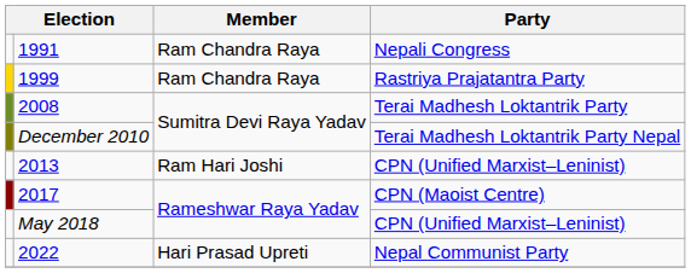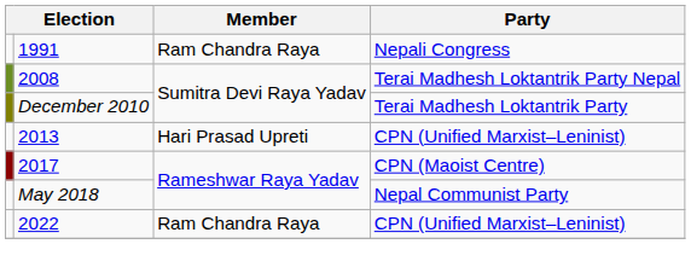 <table class="wikitable">
 <tr>
 <th colspan="2">Election</th>
 <th>Member</th>
 <th>Party</th>
 </tr>
 <tr>
 <td style="background-color:"></td>
 <td><a href='#'>1991</a></td>
 <td>Ram Chandra Raya</td>
 <td><a href='#'>Nepali Congress</a></td>
 </tr>
 <tr>
-<td style="background-color:gold"></td>
-<td><a href='#'>1999</a></td>
-<td>Ram Chandra Raya</td>
-<td><a href='#'>Rastriya Prajatantra Party</a></td>
-</tr>
-<tr>
 <td style="background-color:olivedrab"></td>
 <td><a href='#'>2008</a></td>
 <td rowspan="2">Sumitra Devi Raya Yadav</td>
-<td><a href='#'>Terai Madhesh Loktantrik Party</a></td>
+<td><a href='#'>Terai Madhesh Loktantrik Party Nepal</a></td>
 </tr>
 <tr>
 <td style="background-color:olive"></td>
 <td><em>December 2010</em></td>
-<td><a href='#'>Terai Madhesh Loktantrik Party Nepal</a></td>
+<td><a href='#'>Terai Madhesh Loktantrik Party</a></td>
 </tr>
 <tr>
 <td style="background-color:"></td>
 <td><a href='#'>2013</a></td>
-<td>Ram Hari Joshi</td>
+<td>Hari Prasad Upreti</td>
 <td><a href='#'>CPN (Unified Marxist–Leninist)</a></td>
 </tr>
 <tr>
 <td style="background-color:darkred"></td>
 <td><a href='#'>2017</a></td>
 <td rowspan="2"><a href='#'>Rameshwar Raya Yadav</a></td>
 <td><a href='#'>CPN (Maoist Centre)</a></td>
 </tr>
 <tr>
 <td style="background-color:"></td>
 <td><em>May 2018</em></td>
-<td><a href='#'>CPN (Unified Marxist–Leninist)</a></td>
+<td><a href='#'>Nepal Communist Party</a></td>
 </tr>
 <tr>
 <td style="background-color:"></td>
 <td><a href='#'>2022</a></td>
-<td>Hari Prasad Upreti</td>
-<td><a href='#'>Nepal Communist Party</a></td>
+<td>Ram Chandra Raya</td>
+<td><a href='#'>CPN (Unified Marxist–Leninist)</a></td>
 </tr>
 <tr>
 </tr>
 </table>
